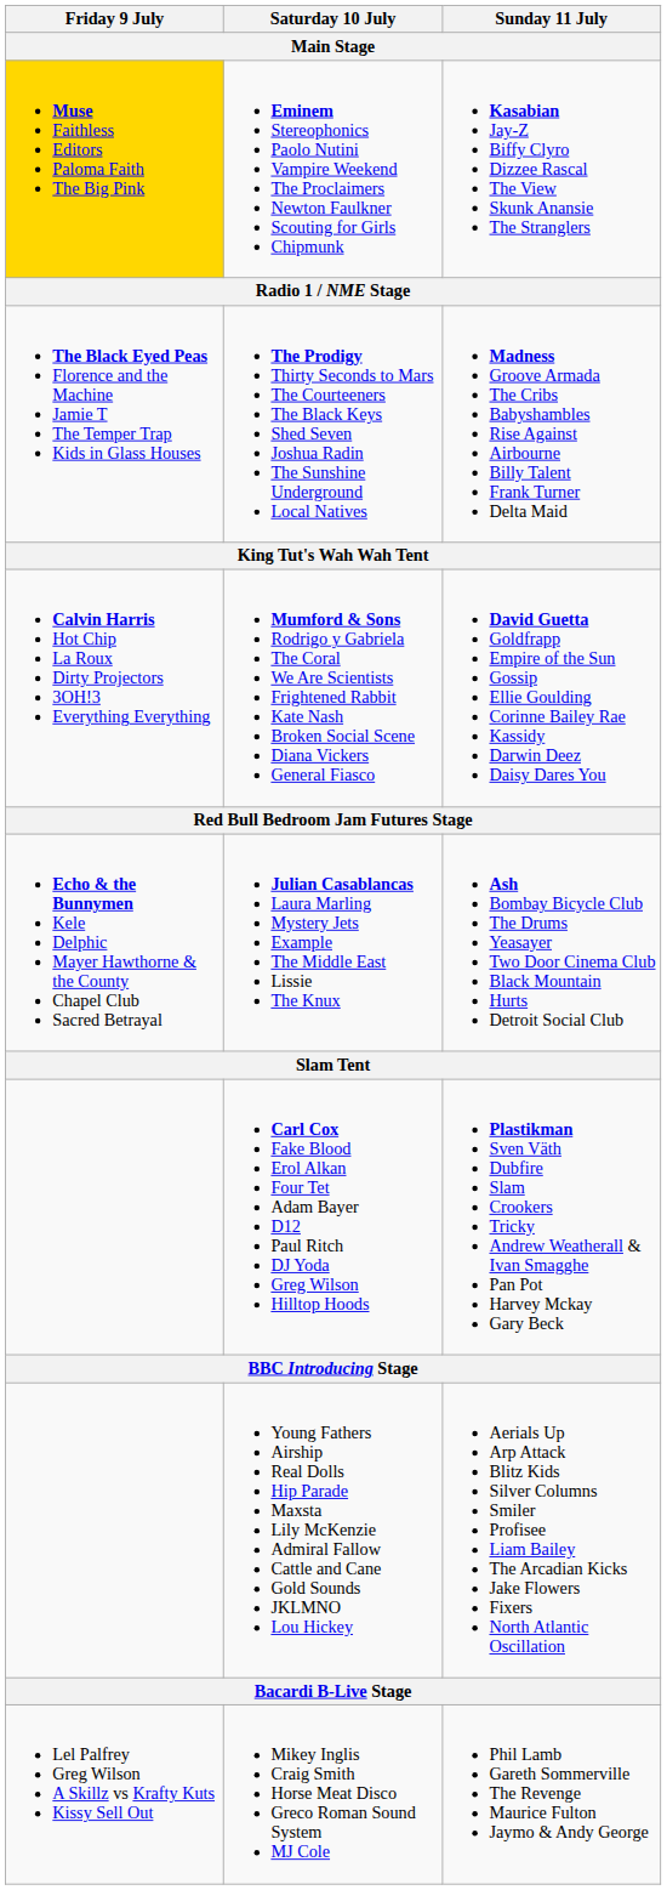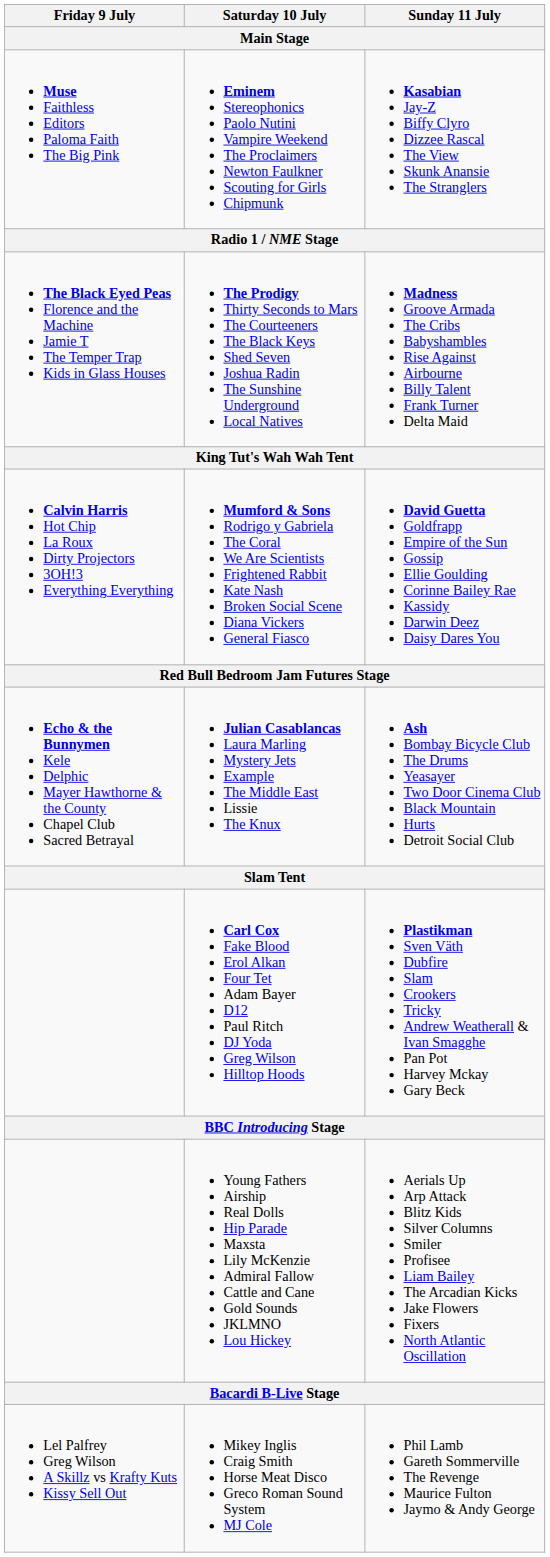 <table class="wikitable">
 <tr>
 <th width=33%>Friday 9 July</th>
 <th width=33%>Saturday 10 July</th>
 <th width=33%>Sunday 11 July</th>
 </tr>
 <tr>
 <th colspan=3>Main Stage</th>
 </tr>
 <tr valign="top">
-<td style="background: gold;"><br><ul><li><strong><a href='#'>Muse</a></strong></li><li><a href='#'>Faithless</a></li><li><a href='#'>Editors</a></li><li><a href='#'>Paloma Faith</a></li><li><a href='#'>The Big Pink</a></li></ul></td>
+<td><br><ul><li><strong><a href='#'>Muse</a></strong></li><li><a href='#'>Faithless</a></li><li><a href='#'>Editors</a></li><li><a href='#'>Paloma Faith</a></li><li><a href='#'>The Big Pink</a></li></ul></td>
 <td><br><ul><li><strong><a href='#'>Eminem</a></strong></li><li><a href='#'>Stereophonics</a></li><li><a href='#'>Paolo Nutini</a></li><li><a href='#'>Vampire Weekend</a></li><li><a href='#'>The Proclaimers</a></li><li><a href='#'>Newton Faulkner</a></li><li><a href='#'>Scouting for Girls</a></li><li><a href='#'>Chipmunk</a></li></ul></td>
 <td><br><ul><li><strong><a href='#'>Kasabian</a></strong></li><li><a href='#'>Jay-Z</a></li><li><a href='#'>Biffy Clyro</a></li><li><a href='#'>Dizzee Rascal</a></li><li><a href='#'>The View</a></li><li><a href='#'>Skunk Anansie</a></li><li><a href='#'>The Stranglers</a></li></ul></td>
 </tr>
 <tr>
 <th colspan=3>Radio 1 / <em>NME</em> Stage</th>
 </tr>
 <tr valign="top">
 <td><br><ul><li><strong><a href='#'>The Black Eyed Peas</a></strong></li><li><a href='#'>Florence and the Machine</a></li><li><a href='#'>Jamie T</a></li><li><a href='#'>The Temper Trap</a></li><li><a href='#'>Kids in Glass Houses</a></li></ul></td>
 <td><br><ul><li><strong><a href='#'>The Prodigy</a></strong></li><li><a href='#'>Thirty Seconds to Mars</a></li><li><a href='#'>The Courteeners</a></li><li><a href='#'>The Black Keys</a></li><li><a href='#'>Shed Seven</a></li><li><a href='#'>Joshua Radin</a></li><li><a href='#'>The Sunshine Underground</a></li><li><a href='#'>Local Natives</a></li></ul></td>
 <td><br><ul><li><strong><a href='#'>Madness</a></strong></li><li><a href='#'>Groove Armada</a></li><li><a href='#'>The Cribs</a></li><li><a href='#'>Babyshambles</a></li><li><a href='#'>Rise Against</a></li><li><a href='#'>Airbourne</a></li><li><a href='#'>Billy Talent</a></li><li><a href='#'>Frank Turner</a></li><li>Delta Maid</li></ul></td>
 </tr>
 <tr>
 <th colspan=3>King Tut's Wah Wah Tent</th>
 </tr>
 <tr valign="top">
 <td><br><ul><li><strong><a href='#'>Calvin Harris</a></strong></li><li><a href='#'>Hot Chip</a></li><li><a href='#'>La Roux</a></li><li><a href='#'>Dirty Projectors</a></li><li><a href='#'>3OH!3</a></li><li><a href='#'>Everything Everything</a></li></ul></td>
 <td><br><ul><li><strong><a href='#'>Mumford & Sons</a></strong></li><li><a href='#'>Rodrigo y Gabriela</a></li><li><a href='#'>The Coral</a></li><li><a href='#'>We Are Scientists</a></li><li><a href='#'>Frightened Rabbit</a></li><li><a href='#'>Kate Nash</a></li><li><a href='#'>Broken Social Scene</a></li><li><a href='#'>Diana Vickers</a></li><li><a href='#'>General Fiasco</a></li></ul></td>
 <td><br><ul><li><strong><a href='#'>David Guetta</a></strong></li><li><a href='#'>Goldfrapp</a></li><li><a href='#'>Empire of the Sun</a></li><li><a href='#'>Gossip</a></li><li><a href='#'>Ellie Goulding</a></li><li><a href='#'>Corinne Bailey Rae</a></li><li><a href='#'>Kassidy</a></li><li><a href='#'>Darwin Deez</a></li><li><a href='#'>Daisy Dares You</a></li></ul></td>
 </tr>
 <tr>
 <th colspan=3>Red Bull Bedroom Jam Futures Stage</th>
 </tr>
 <tr valign="top">
 <td><br><ul><li><strong><a href='#'>Echo & the Bunnymen</a></strong></li><li><a href='#'>Kele</a></li><li><a href='#'>Delphic</a></li><li><a href='#'>Mayer Hawthorne & the County</a></li><li>Chapel Club</li><li>Sacred Betrayal</li></ul></td>
 <td><br><ul><li><strong><a href='#'>Julian Casablancas</a></strong></li><li><a href='#'>Laura Marling</a></li><li><a href='#'>Mystery Jets</a></li><li><a href='#'>Example</a></li><li><a href='#'>The Middle East</a></li><li>Lissie</li><li><a href='#'>The Knux</a></li></ul></td>
 <td><br><ul><li><strong><a href='#'>Ash</a></strong></li><li><a href='#'>Bombay Bicycle Club</a></li><li><a href='#'>The Drums</a></li><li><a href='#'>Yeasayer</a></li><li><a href='#'>Two Door Cinema Club</a></li><li><a href='#'>Black Mountain</a></li><li><a href='#'>Hurts</a></li><li>Detroit Social Club</li></ul></td>
 </tr>
 <tr>
 <th colspan=3>Slam Tent</th>
 </tr>
 <tr valign="top">
 <td></td>
 <td><br><ul><li><strong><a href='#'>Carl Cox</a></strong></li><li><a href='#'>Fake Blood</a></li><li><a href='#'>Erol Alkan</a></li><li><a href='#'>Four Tet</a></li><li>Adam Bayer</li><li><a href='#'>D12</a></li><li>Paul Ritch</li><li><a href='#'>DJ Yoda</a></li><li><a href='#'>Greg Wilson</a></li><li><a href='#'>Hilltop Hoods</a></li></ul></td>
 <td><br><ul><li><strong><a href='#'>Plastikman</a></strong></li><li><a href='#'>Sven Väth</a></li><li><a href='#'>Dubfire</a></li><li><a href='#'>Slam</a></li><li><a href='#'>Crookers</a></li><li><a href='#'>Tricky</a></li><li><a href='#'>Andrew Weatherall</a> & <a href='#'>Ivan Smagghe</a></li><li>Pan Pot</li><li>Harvey Mckay</li><li>Gary Beck</li></ul></td>
 </tr>
 <tr>
 <th colspan=3><a href='#'>BBC <em>Introducing</em></a> Stage</th>
 </tr>
 <tr valign="top">
 <td></td>
 <td><br><ul><li>Young Fathers</li><li>Airship</li><li>Real Dolls</li><li><a href='#'>Hip Parade</a></li><li>Maxsta</li><li>Lily McKenzie</li><li>Admiral Fallow</li><li>Cattle and Cane</li><li>Gold Sounds</li><li>JKLMNO</li><li><a href='#'>Lou Hickey</a></li></ul></td>
 <td><br><ul><li>Aerials Up</li><li>Arp Attack</li><li>Blitz Kids</li><li>Silver Columns</li><li>Smiler</li><li>Profisee</li><li><a href='#'>Liam Bailey</a></li><li>The Arcadian Kicks</li><li>Jake Flowers</li><li>Fixers</li><li><a href='#'>North Atlantic Oscillation</a></li></ul></td>
 </tr>
 <tr>
 <th colspan=3><a href='#'>Bacardi B-Live</a> Stage</th>
 </tr>
 <tr valign="top">
 <td><br><ul><li>Lel Palfrey</li><li>Greg Wilson</li><li><a href='#'>A Skillz</a> vs <a href='#'>Krafty Kuts</a></li><li><a href='#'>Kissy Sell Out</a></li></ul></td>
 <td><br><ul><li>Mikey Inglis</li><li>Craig Smith</li><li>Horse Meat Disco</li><li>Greco Roman Sound System</li><li><a href='#'>MJ Cole</a></li></ul></td>
 <td><br><ul><li>Phil Lamb</li><li>Gareth Sommerville</li><li>The Revenge</li><li>Maurice Fulton</li><li>Jaymo & Andy George</li></ul></td>
 </tr>
 </table>
